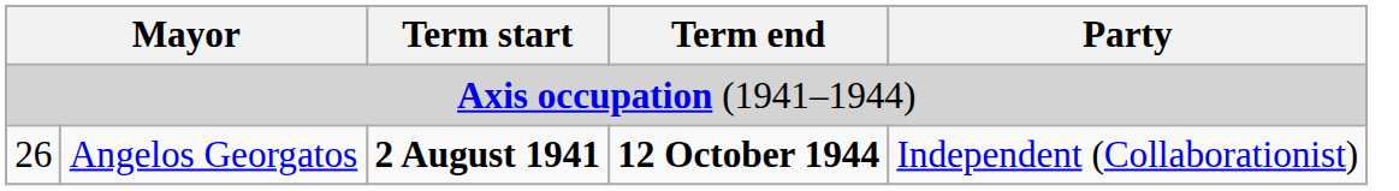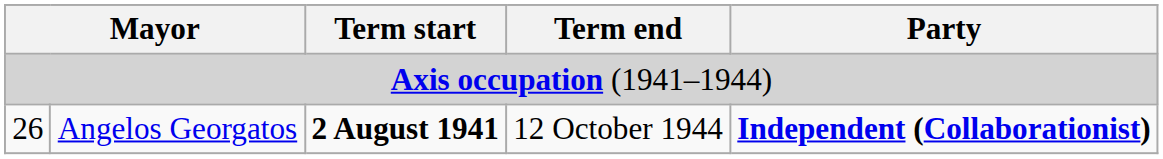 <table class="wikitable">
 <tr>
 <th colspan="2" class="unsortable">Mayor</th>
 <th>Term start</th>
 <th>Term end</th>
 <th>Party</th>
 </tr>
 <tr>
 <td colspan="5" bgcolor="lightgrey" align="center"><strong><a href='#'>Axis occupation</a></strong> (1941–1944)</td>
 </tr>
 <tr>
 <td rowspan=1 style="background:">26</td>
 <td><a href='#'>Angelos Georgatos</a></td>
 <td align=center><strong>2 August 1941</strong></td>
-<td align=center><strong>12 October 1944</strong></td>
-<td align=center><a href='#'>Independent</a> (<a href='#'>Collaborationist</a>)</td>
+<td align=center>12 October 1944</td>
+<td align=center><strong><a href='#'>Independent</a> (<a href='#'>Collaborationist</a>)</strong></td>
 </tr>
 </table>
